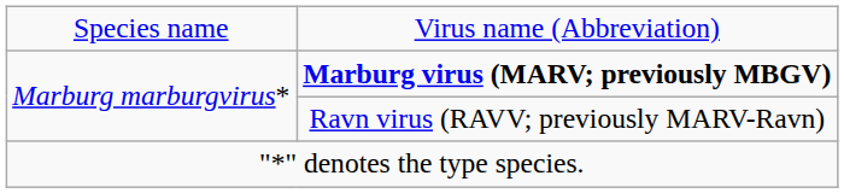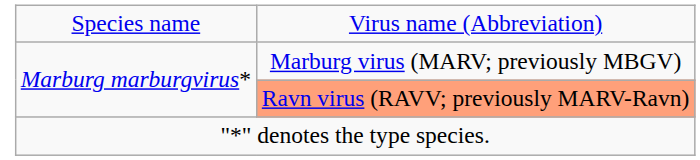 <table class="wikitable" style = "float: right; margin-left:15px; text-align:center">
 <tr>
 <td><a href='#'>Species name</a></td>
 <td><a href='#'>Virus name (Abbreviation)</a></td>
 </tr>
 <tr>
 <td rowspan="2"><em><a href='#'>Marburg marburgvirus</a></em>*</td>
-<td><strong><a href='#'>Marburg virus</a> (MARV; previously MBGV)</strong></td>
+<td><a href='#'>Marburg virus</a> (MARV; previously MBGV)</td>
 </tr>
 <tr>
-<td><a href='#'>Ravn virus</a> (RAVV; previously MARV-Ravn)</td>
+<td style="background: lightsalmon;"><a href='#'>Ravn virus</a> (RAVV; previously MARV-Ravn)</td>
 </tr>
 <tr>
 <td colspan="2">"*" denotes the type species.</td>
 </tr>
 </table>
